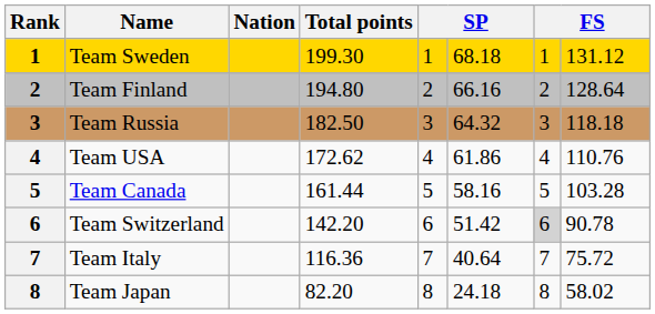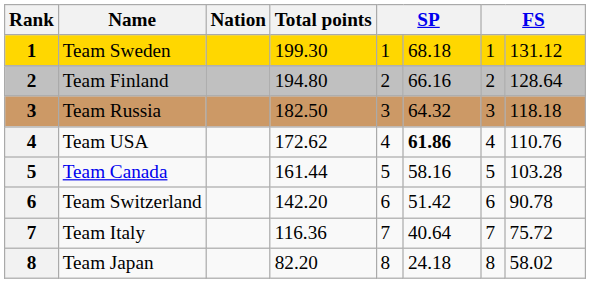 <table class="wikitable sortable">
 <tr>
 <th>Rank</th>
 <th>Name</th>
 <th>Nation</th>
 <th>Total points</th>
 <th colspan="2" width="80px"><a href='#'>SP</a></th>
 <th colspan="2" width="80px"><a href='#'>FS</a></th>
 </tr>
 <tr bgcolor="gold">
 <td align="center"><strong>1</strong></td>
 <td>Team Sweden</td>
 <td></td>
 <td>199.30</td>
 <td>1</td>
 <td>68.18</td>
 <td>1</td>
 <td>131.12</td>
 </tr>
 <tr bgcolor="silver">
 <td align="center"><strong>2</strong></td>
 <td>Team Finland</td>
 <td></td>
 <td>194.80</td>
 <td>2</td>
 <td>66.16</td>
 <td>2</td>
 <td>128.64</td>
 </tr>
 <tr bgcolor="cc9966">
 <td align="center"><strong>3</strong></td>
 <td>Team Russia</td>
 <td></td>
 <td>182.50</td>
 <td>3</td>
 <td>64.32</td>
 <td>3</td>
 <td>118.18</td>
 </tr>
 <tr>
 <th>4</th>
 <td>Team USA</td>
 <td></td>
 <td>172.62</td>
 <td>4</td>
-<td>61.86</td>
+<td><strong>61.86</strong></td>
 <td>4</td>
 <td>110.76</td>
 </tr>
 <tr>
 <th>5</th>
 <td><a href='#'>Team Canada</a></td>
 <td></td>
 <td>161.44</td>
 <td>5</td>
 <td>58.16</td>
 <td>5</td>
 <td>103.28</td>
 </tr>
 <tr>
 <th>6</th>
 <td>Team Switzerland</td>
 <td></td>
 <td>142.20</td>
 <td>6</td>
 <td>51.42</td>
-<td style="background: lightgrey;">6</td>
+<td>6</td>
 <td>90.78</td>
 </tr>
 <tr>
 <th>7</th>
 <td>Team Italy</td>
 <td></td>
 <td>116.36</td>
 <td>7</td>
 <td>40.64</td>
 <td>7</td>
 <td>75.72</td>
 </tr>
 <tr>
 <th>8</th>
 <td>Team Japan</td>
 <td></td>
 <td>82.20</td>
 <td>8</td>
 <td>24.18</td>
 <td>8</td>
 <td>58.02</td>
 </tr>
 </table>
